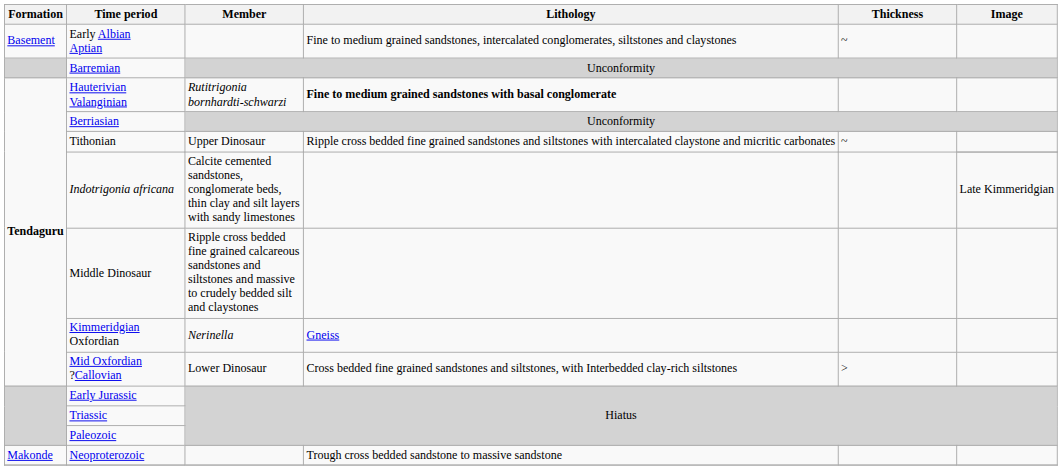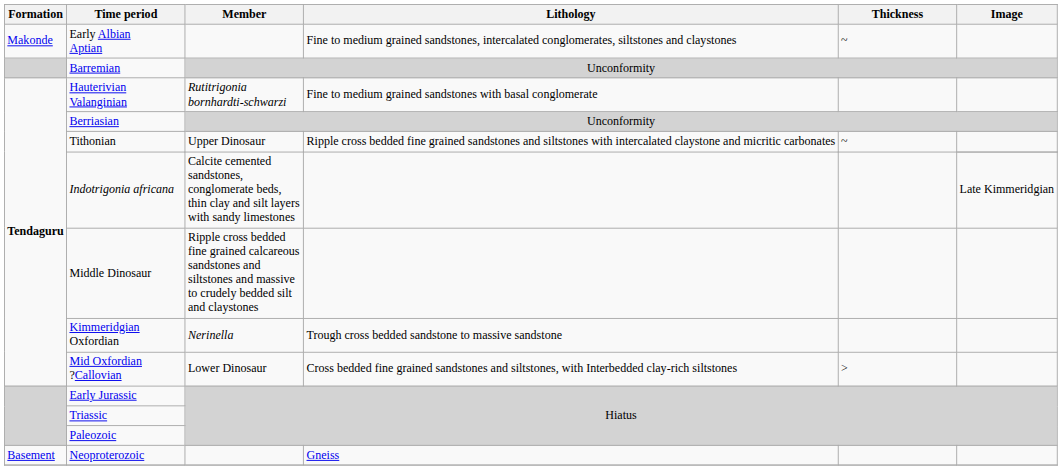 <table class="wikitable" style="font-size:80%">
 <tr>
 <th>Formation</th>
 <th width=120px>Time period</th>
 <th width=120px>Member</th>
 <th>Lithology</th>
 <th width=120px>Thickness</th>
 <th>Image</th>
 </tr>
 <tr>
-<td><a href='#'>Basement</a></td>
+<td><a href='#'>Makonde</a></td>
 <td style="background-color: ">Early <a href='#'>Albian</a><br><a href='#'>Aptian</a></td>
 <td></td>
 <td>Fine to medium grained sandstones, intercalated conglomerates, siltstones and claystones</td>
 <td>~</td>
 <td></td>
 </tr>
 <tr>
 <td bgcolor=lightgrey></td>
 <td style="background-color: "><a href='#'>Barremian</a></td>
 <td colspan="4" align=center bgcolor=lightgrey>Unconformity</td>
 </tr>
 <tr>
 <td rowspan="8"><strong>Tendaguru</strong></td>
 <td style="background-color: "><a href='#'>Hauterivian</a><br><a href='#'>Valanginian</a></td>
 <td><em>Rutitrigonia bornhardti-schwarzi</em></td>
-<td><strong>Fine to medium grained sandstones with basal conglomerate</strong></td>
+<td>Fine to medium grained sandstones with basal conglomerate</td>
 <td></td>
 <td></td>
 </tr>
 <tr>
 <td style="background-color: "><a href='#'>Berriasian</a></td>
 <td colspan="4" align=center bgcolor=lightgrey>Unconformity</td>
 </tr>
 <tr>
 <td style="background-color: ">Tithonian</td>
 <td>Upper Dinosaur</td>
 <td>Ripple cross bedded fine grained sandstones and siltstones with intercalated claystone and micritic carbonates</td>
 <td>~</td>
 <td></td>
 </tr>
 <tr>
 <td rowspan=2><em>Indotrigonia africana</em></td>
 <td rowspan=2>Calcite cemented sandstones, conglomerate beds, thin clay and silt layers with sandy limestones</td>
 <td rowspan=2></td>
 <td rowspan=2></td>
 </tr>
 <tr>
 <td style="background-color: ">Late Kimmeridgian</td>
 </tr>
 <tr>
 <td>Middle Dinosaur</td>
 <td>Ripple cross bedded fine grained calcareous sandstones and siltstones and massive to crudely bedded silt and claystones</td>
 <td></td>
 <td></td>
 </tr>
 <tr>
 <td style="background-color: "><a href='#'>Kimmeridgian</a><br>Oxfordian</td>
 <td><em>Nerinella</em></td>
-<td><a href='#'>Gneiss</a></td>
+<td>Trough cross bedded sandstone to massive sandstone</td>
 <td></td>
 <td></td>
 </tr>
 <tr>
 <td style="background-color: "><a href='#'>Mid Oxfordian</a><br>?<a href='#'>Callovian</a></td>
 <td>Lower Dinosaur</td>
 <td>Cross bedded fine grained sandstones and siltstones, with Interbedded clay-rich siltstones</td>
 <td>></td>
 <td></td>
 </tr>
 <tr>
 <td rowspan=3 bgcolor=lightgrey></td>
 <td style="background-color: "><a href='#'>Early Jurassic</a></td>
 <td rowspan=3 colspan="6" bgcolor=lightgrey align=center>Hiatus</td>
 </tr>
 <tr>
 <td style="background-color: "><a href='#'>Triassic</a></td>
 </tr>
 <tr>
 <td style="background-color: "><a href='#'>Paleozoic</a></td>
 </tr>
 <tr>
-<td><a href='#'>Makonde</a></td>
+<td><a href='#'>Basement</a></td>
 <td style="background-color: "><a href='#'>Neoproterozoic</a></td>
 <td></td>
-<td>Trough cross bedded sandstone to massive sandstone</td>
+<td><a href='#'>Gneiss</a></td>
 <td></td>
 <td></td>
 </tr>
 <tr>
 </tr>
 </table>
